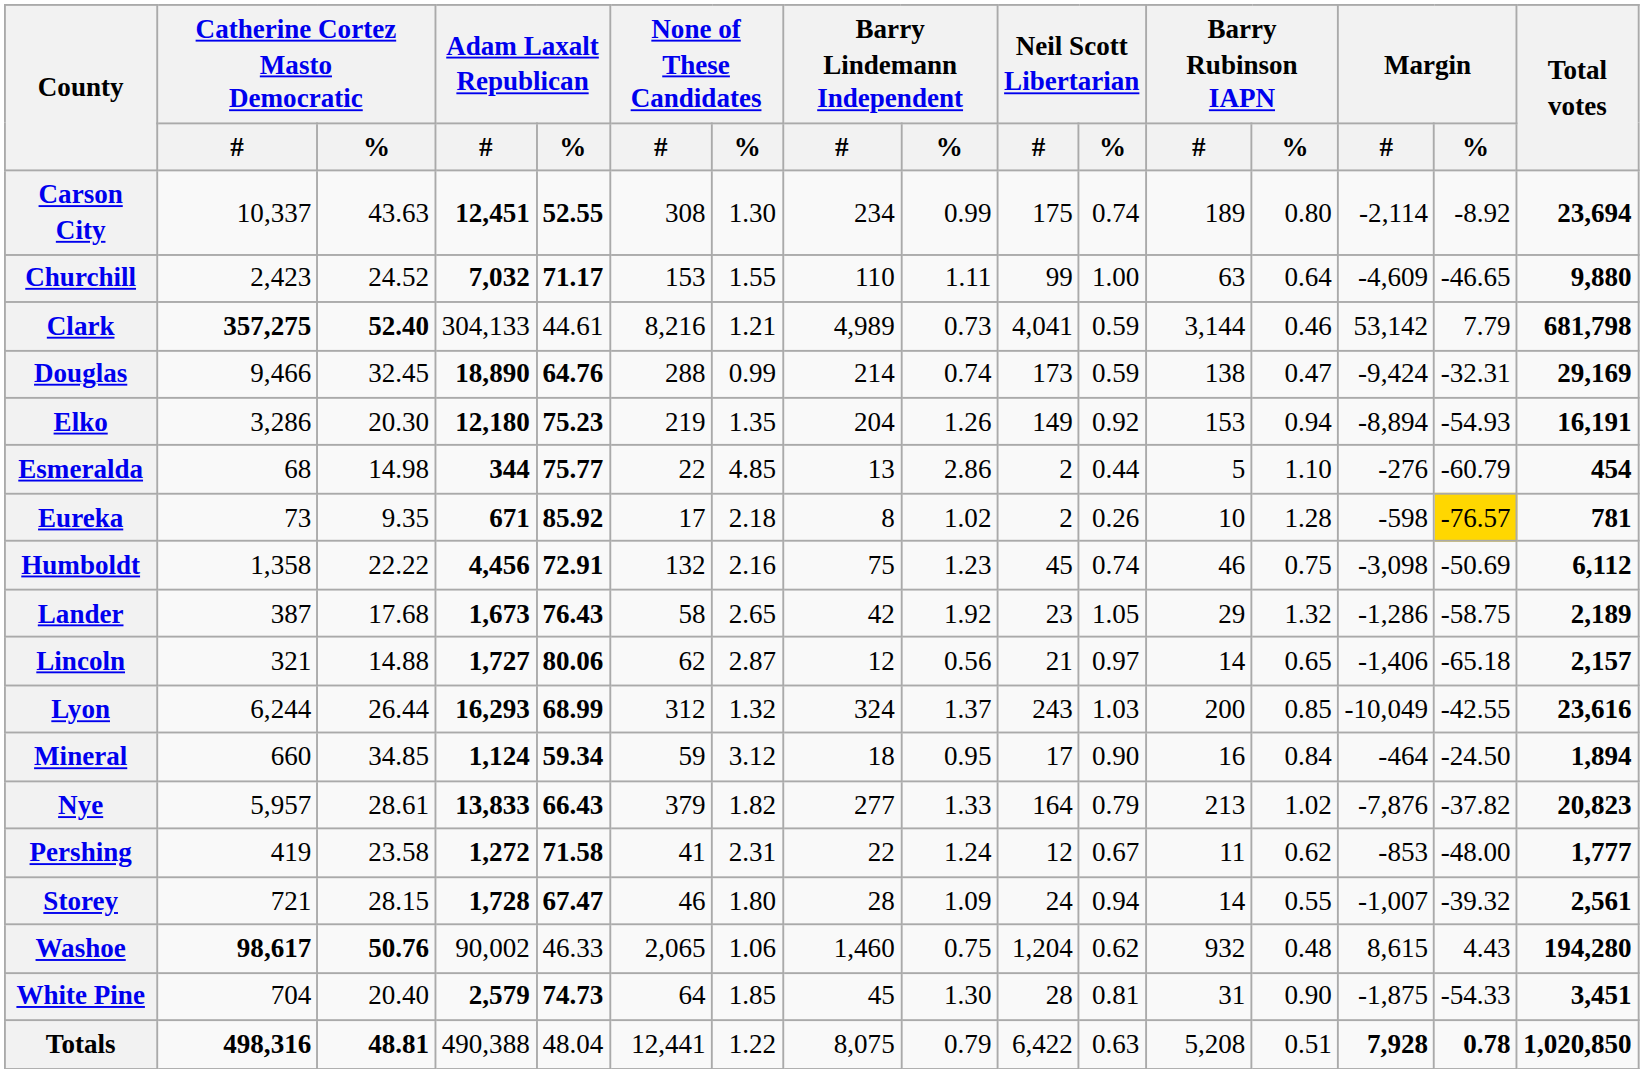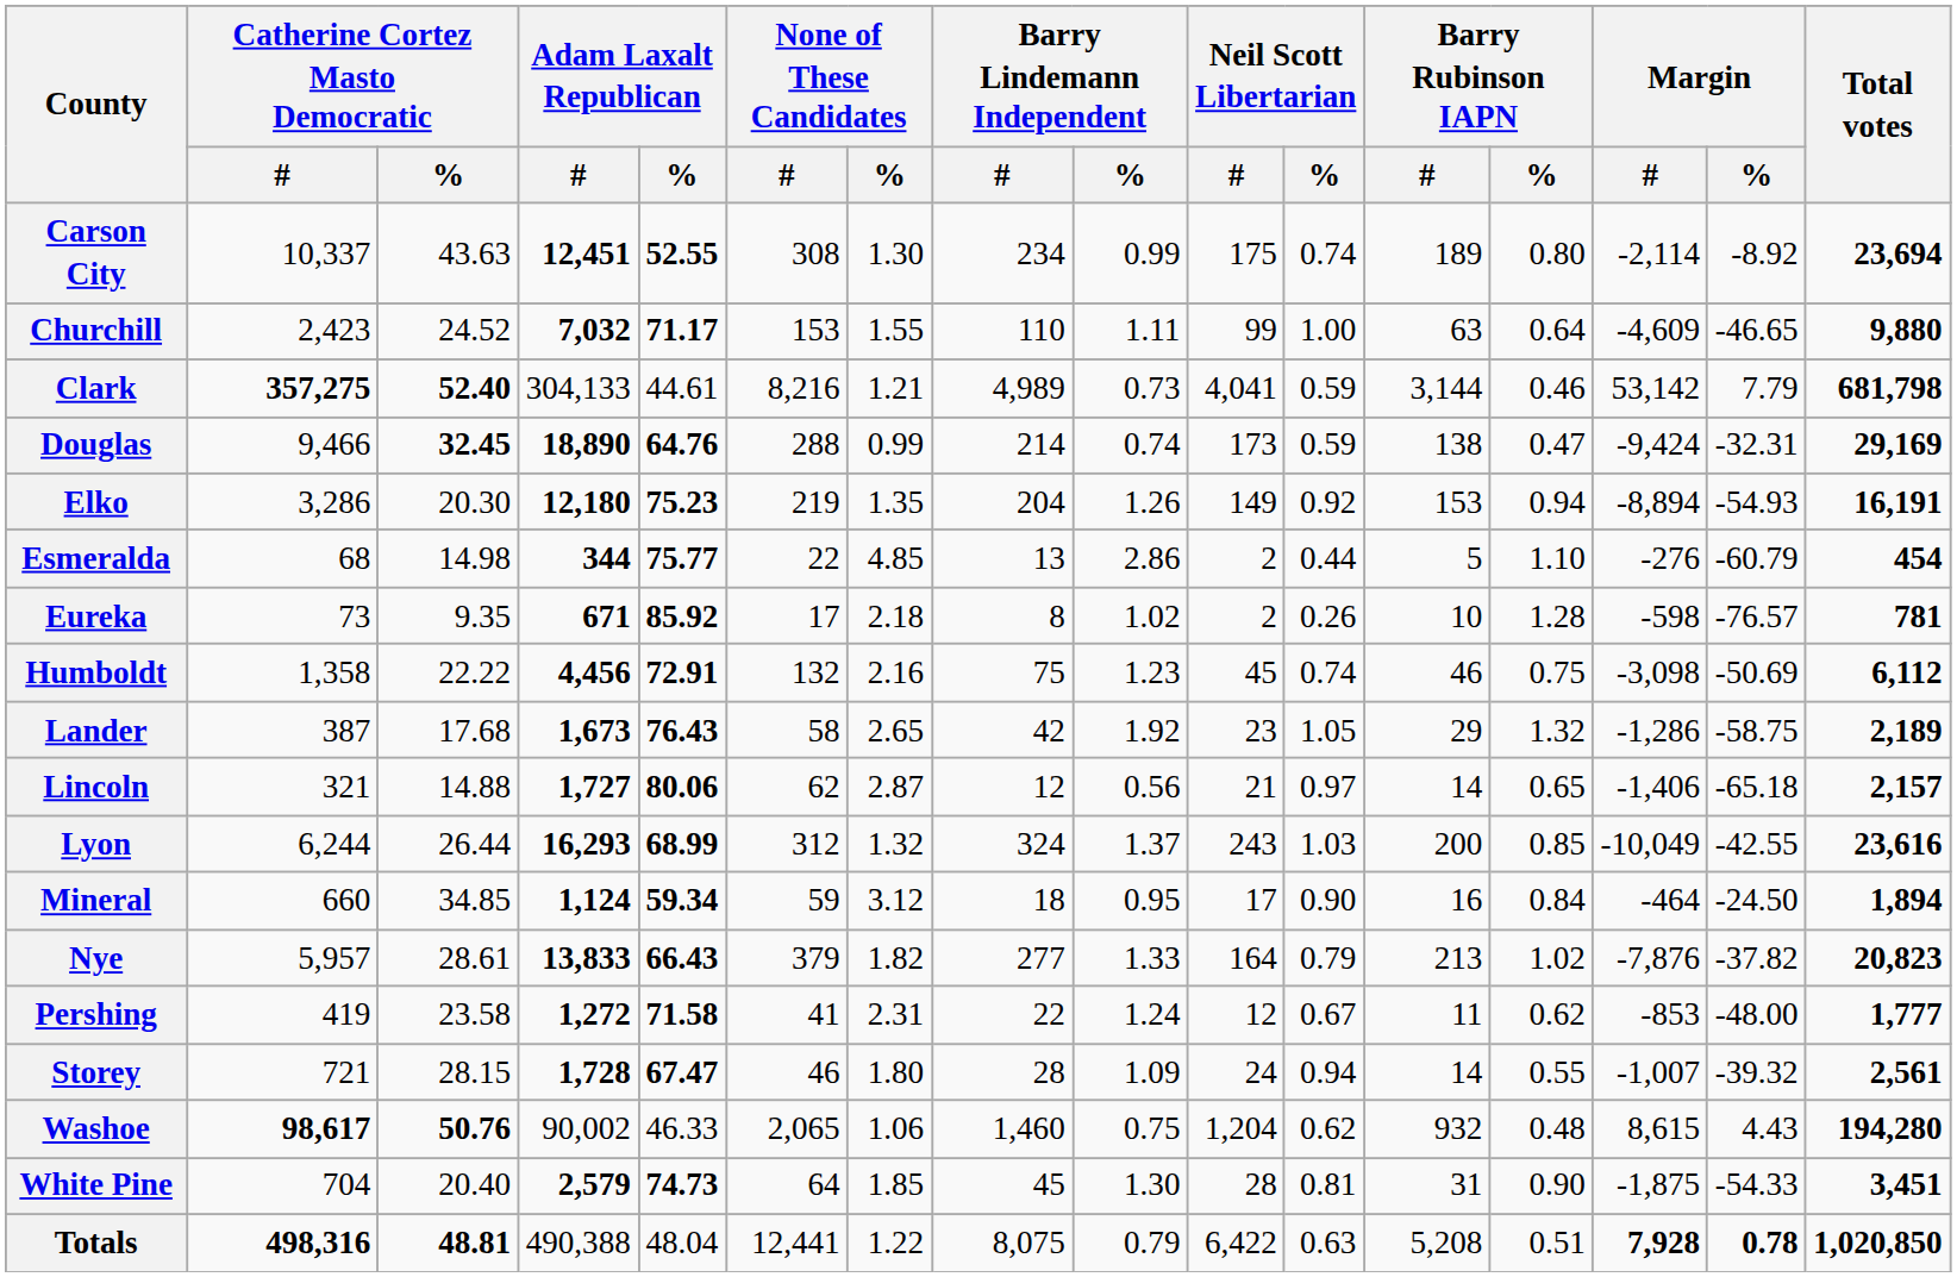 <table class="wikitable sortable" style="text-align:right;font-size:90%;line-height:1.3">
 <tr>
 <th rowspan=2>County</th>
 <th colspan=2><a href='#'>Catherine Cortez Masto</a><br><a href='#'>Democratic</a></th>
 <th colspan=2><a href='#'>Adam Laxalt</a><br><a href='#'>Republican</a></th>
 <th colspan=2><a href='#'>None of These<br>Candidates</a></th>
 <th colspan=2>Barry Lindemann<br><a href='#'>Independent</a></th>
 <th colspan=2>Neil Scott<br><a href='#'>Libertarian</a></th>
 <th colspan=2>Barry Rubinson<br><a href='#'>IAPN</a></th>
 <th colspan=2>Margin</th>
 <th rowspan=2>Total<br>votes</th>
 </tr>
 <tr>
 <th data-sort-type="number">#</th>
 <th data-sort-type="number">%</th>
 <th data-sort-type="number">#</th>
 <th data-sort-type="number">%</th>
 <th data-sort-type="number">#</th>
 <th data-sort-type="number">%</th>
 <th data-sort-type="number">#</th>
 <th data-sort-type="number">%</th>
 <th data-sort-type="number">#</th>
 <th data-sort-type="number">%</th>
 <th data-sort-type="number">#</th>
 <th data-sort-type="number">%</th>
 <th data-sort-type="number">#</th>
 <th data-sort-type="number">%</th>
 </tr>
 <tr>
 <th><a href='#'>Carson City</a></th>
 <td>10,337</td>
 <td>43.63</td>
 <td><strong>12,451</strong></td>
 <td><strong>52.55</strong></td>
 <td>308</td>
 <td>1.30</td>
 <td>234</td>
 <td>0.99</td>
 <td>175</td>
 <td>0.74</td>
 <td>189</td>
 <td>0.80</td>
 <td>-2,114</td>
 <td>-8.92</td>
 <td><strong>23,694</strong></td>
 </tr>
 <tr>
 <th><a href='#'>Churchill</a></th>
 <td>2,423</td>
 <td>24.52</td>
 <td><strong>7,032</strong></td>
 <td><strong>71.17</strong></td>
 <td>153</td>
 <td>1.55</td>
 <td>110</td>
 <td>1.11</td>
 <td>99</td>
 <td>1.00</td>
 <td>63</td>
 <td>0.64</td>
 <td>-4,609</td>
 <td>-46.65</td>
 <td><strong>9,880</strong></td>
 </tr>
 <tr>
 <th><a href='#'>Clark</a></th>
 <td><strong>357,275</strong></td>
 <td><strong>52.40</strong></td>
 <td>304,133</td>
 <td>44.61</td>
 <td>8,216</td>
 <td>1.21</td>
 <td>4,989</td>
 <td>0.73</td>
 <td>4,041</td>
 <td>0.59</td>
 <td>3,144</td>
 <td>0.46</td>
 <td>53,142</td>
 <td>7.79</td>
 <td><strong>681,798</strong></td>
 </tr>
 <tr>
 <th><a href='#'>Douglas</a></th>
 <td>9,466</td>
-<td>32.45</td>
+<td><strong>32.45</strong></td>
 <td><strong>18,890</strong></td>
 <td><strong>64.76</strong></td>
 <td>288</td>
 <td>0.99</td>
 <td>214</td>
 <td>0.74</td>
 <td>173</td>
 <td>0.59</td>
 <td>138</td>
 <td>0.47</td>
 <td>-9,424</td>
 <td>-32.31</td>
 <td><strong>29,169</strong></td>
 </tr>
 <tr>
 <th><a href='#'>Elko</a></th>
 <td>3,286</td>
 <td>20.30</td>
 <td><strong>12,180</strong></td>
 <td><strong>75.23</strong></td>
 <td>219</td>
 <td>1.35</td>
 <td>204</td>
 <td>1.26</td>
 <td>149</td>
 <td>0.92</td>
 <td>153</td>
 <td>0.94</td>
 <td>-8,894</td>
 <td>-54.93</td>
 <td><strong>16,191</strong></td>
 </tr>
 <tr>
 <th><a href='#'>Esmeralda</a></th>
 <td>68</td>
 <td>14.98</td>
 <td><strong>344</strong></td>
 <td><strong>75.77</strong></td>
 <td>22</td>
 <td>4.85</td>
 <td>13</td>
 <td>2.86</td>
 <td>2</td>
 <td>0.44</td>
 <td>5</td>
 <td>1.10</td>
 <td>-276</td>
 <td>-60.79</td>
 <td><strong>454</strong></td>
 </tr>
 <tr>
 <th><a href='#'>Eureka</a></th>
 <td>73</td>
 <td>9.35</td>
 <td><strong>671</strong></td>
 <td><strong>85.92</strong></td>
 <td>17</td>
 <td>2.18</td>
 <td>8</td>
 <td>1.02</td>
 <td>2</td>
 <td>0.26</td>
 <td>10</td>
 <td>1.28</td>
 <td>-598</td>
-<td style="background: gold;">-76.57</td>
+<td>-76.57</td>
 <td><strong>781</strong></td>
 </tr>
 <tr>
 <th><a href='#'>Humboldt</a></th>
 <td>1,358</td>
 <td>22.22</td>
 <td><strong>4,456</strong></td>
 <td><strong>72.91</strong></td>
 <td>132</td>
 <td>2.16</td>
 <td>75</td>
 <td>1.23</td>
 <td>45</td>
 <td>0.74</td>
 <td>46</td>
 <td>0.75</td>
 <td>-3,098</td>
 <td>-50.69</td>
 <td><strong>6,112</strong></td>
 </tr>
 <tr>
 <th><a href='#'>Lander</a></th>
 <td>387</td>
 <td>17.68</td>
 <td><strong>1,673</strong></td>
 <td><strong>76.43</strong></td>
 <td>58</td>
 <td>2.65</td>
 <td>42</td>
 <td>1.92</td>
 <td>23</td>
 <td>1.05</td>
 <td>29</td>
 <td>1.32</td>
 <td>-1,286</td>
 <td>-58.75</td>
 <td><strong>2,189</strong></td>
 </tr>
 <tr>
 <th><a href='#'>Lincoln</a></th>
 <td>321</td>
 <td>14.88</td>
 <td><strong>1,727</strong></td>
 <td><strong>80.06</strong></td>
 <td>62</td>
 <td>2.87</td>
 <td>12</td>
 <td>0.56</td>
 <td>21</td>
 <td>0.97</td>
 <td>14</td>
 <td>0.65</td>
 <td>-1,406</td>
 <td>-65.18</td>
 <td><strong>2,157</strong></td>
 </tr>
 <tr>
 <th><a href='#'>Lyon</a></th>
 <td>6,244</td>
 <td>26.44</td>
 <td><strong>16,293</strong></td>
 <td><strong>68.99</strong></td>
 <td>312</td>
 <td>1.32</td>
 <td>324</td>
 <td>1.37</td>
 <td>243</td>
 <td>1.03</td>
 <td>200</td>
 <td>0.85</td>
 <td>-10,049</td>
 <td>-42.55</td>
 <td><strong>23,616</strong></td>
 </tr>
 <tr>
 <th><a href='#'>Mineral</a></th>
 <td>660</td>
 <td>34.85</td>
 <td><strong>1,124</strong></td>
 <td><strong>59.34</strong></td>
 <td>59</td>
 <td>3.12</td>
 <td>18</td>
 <td>0.95</td>
 <td>17</td>
 <td>0.90</td>
 <td>16</td>
 <td>0.84</td>
 <td>-464</td>
 <td>-24.50</td>
 <td><strong>1,894</strong></td>
 </tr>
 <tr>
 <th><a href='#'>Nye</a></th>
 <td>5,957</td>
 <td>28.61</td>
 <td><strong>13,833</strong></td>
 <td><strong>66.43</strong></td>
 <td>379</td>
 <td>1.82</td>
 <td>277</td>
 <td>1.33</td>
 <td>164</td>
 <td>0.79</td>
 <td>213</td>
 <td>1.02</td>
 <td>-7,876</td>
 <td>-37.82</td>
 <td><strong>20,823</strong></td>
 </tr>
 <tr>
 <th><a href='#'>Pershing</a></th>
 <td>419</td>
 <td>23.58</td>
 <td><strong>1,272</strong></td>
 <td><strong>71.58</strong></td>
 <td>41</td>
 <td>2.31</td>
 <td>22</td>
 <td>1.24</td>
 <td>12</td>
 <td>0.67</td>
 <td>11</td>
 <td>0.62</td>
 <td>-853</td>
 <td>-48.00</td>
 <td><strong>1,777</strong></td>
 </tr>
 <tr>
 <th><a href='#'>Storey</a></th>
 <td>721</td>
 <td>28.15</td>
 <td><strong>1,728</strong></td>
 <td><strong>67.47</strong></td>
 <td>46</td>
 <td>1.80</td>
 <td>28</td>
 <td>1.09</td>
 <td>24</td>
 <td>0.94</td>
 <td>14</td>
 <td>0.55</td>
 <td>-1,007</td>
 <td>-39.32</td>
 <td><strong>2,561</strong></td>
 </tr>
 <tr>
 <th><a href='#'>Washoe</a></th>
 <td><strong>98,617</strong></td>
 <td><strong>50.76</strong></td>
 <td>90,002</td>
 <td>46.33</td>
 <td>2,065</td>
 <td>1.06</td>
 <td>1,460</td>
 <td>0.75</td>
 <td>1,204</td>
 <td>0.62</td>
 <td>932</td>
 <td>0.48</td>
 <td>8,615</td>
 <td>4.43</td>
 <td><strong>194,280</strong></td>
 </tr>
 <tr>
 <th><a href='#'>White Pine</a></th>
 <td>704</td>
 <td>20.40</td>
 <td><strong>2,579</strong></td>
 <td><strong>74.73</strong></td>
 <td>64</td>
 <td>1.85</td>
 <td>45</td>
 <td>1.30</td>
 <td>28</td>
 <td>0.81</td>
 <td>31</td>
 <td>0.90</td>
 <td>-1,875</td>
 <td>-54.33</td>
 <td><strong>3,451</strong></td>
 </tr>
 <tr class="sortbottom">
 <th>Totals</th>
 <td><strong>498,316</strong></td>
 <td><strong>48.81</strong></td>
 <td>490,388</td>
 <td>48.04</td>
 <td>12,441</td>
 <td>1.22</td>
 <td>8,075</td>
 <td>0.79</td>
 <td>6,422</td>
 <td>0.63</td>
 <td>5,208</td>
 <td>0.51</td>
 <td><strong>7,928</strong></td>
 <td><strong>0.78</strong></td>
 <td><strong>1,020,850</strong></td>
 </tr>
 </table>
